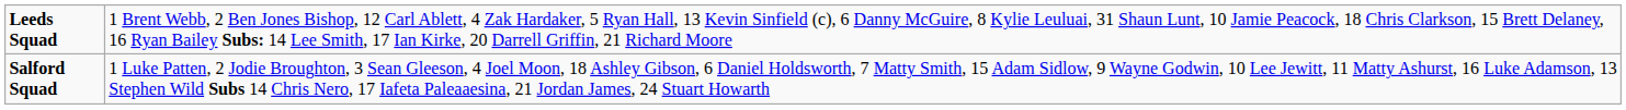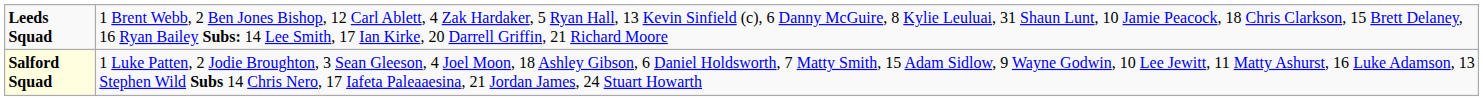 <table class="wikitable" style="font-size:85%;">
 <tr>
 <td><strong>Leeds Squad</strong></td>
 <td>1 <a href='#'>Brent Webb</a>, 2 <a href='#'>Ben Jones Bishop</a>, 12 <a href='#'>Carl Ablett</a>, 4 <a href='#'>Zak Hardaker</a>, 5 <a href='#'>Ryan Hall</a>, 13 <a href='#'>Kevin Sinfield</a> (c), 6 <a href='#'>Danny McGuire</a>, 8 <a href='#'>Kylie Leuluai</a>, 31 <a href='#'>Shaun Lunt</a>, 10 <a href='#'>Jamie Peacock</a>, 18 <a href='#'>Chris Clarkson</a>, 15 <a href='#'>Brett Delaney</a>, 16 <a href='#'>Ryan Bailey</a> <strong>Subs:</strong> 14 <a href='#'>Lee Smith</a>, 17 <a href='#'>Ian Kirke</a>, 20 <a href='#'>Darrell Griffin</a>, 21 <a href='#'>Richard Moore</a></td>
 </tr>
 <tr>
-<td><strong>Salford Squad</strong></td>
+<td style="background: lightyellow;"><strong>Salford Squad</strong></td>
 <td>1 <a href='#'>Luke Patten</a>, 2 <a href='#'>Jodie Broughton</a>, 3 <a href='#'>Sean Gleeson</a>, 4 <a href='#'>Joel Moon</a>, 18 <a href='#'>Ashley Gibson</a>, 6 <a href='#'>Daniel Holdsworth</a>, 7 <a href='#'>Matty Smith</a>, 15 <a href='#'>Adam Sidlow</a>, 9 <a href='#'>Wayne Godwin</a>, 10 <a href='#'>Lee Jewitt</a>, 11 <a href='#'>Matty Ashurst</a>, 16 <a href='#'>Luke Adamson</a>, 13 <a href='#'>Stephen Wild</a> <strong>Subs</strong> 14 <a href='#'>Chris Nero</a>, 17 <a href='#'>Iafeta Paleaaesina</a>, 21 <a href='#'>Jordan James</a>, 24 <a href='#'>Stuart Howarth</a></td>
 </tr>
 </table>
